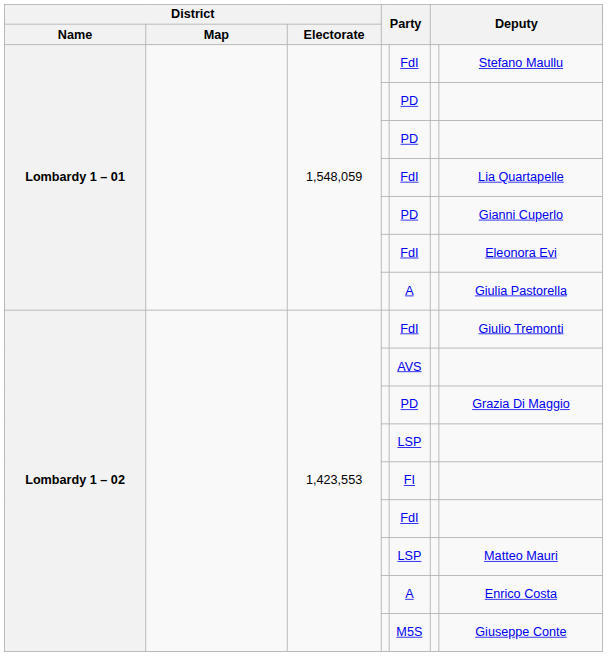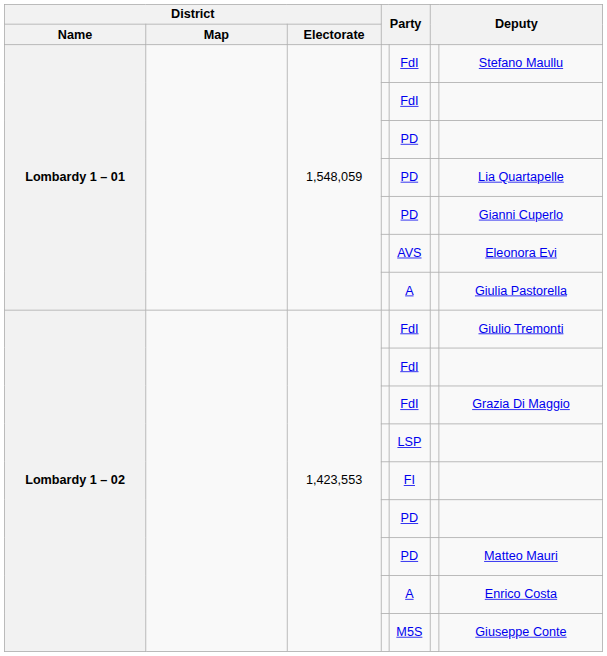 <table class="wikitable" style="text-align:center; style="width=60%">
 <tr>
 <th width=35% colspan="3">District</th>
 <th width=6% colspan="2" rowspan="2">Party</th>
 <th width=22% colspan="2" rowspan="2">Deputy</th>
 </tr>
 <tr>
 <th width=18%>Name</th>
 <th width=18%>Map</th>
 <th width=12%>Electorate</th>
 </tr>
 <tr style="height:3em;">
 <th rowspan="7">Lombardy 1 – 01</th>
 <td rowspan="7"></td>
 <td rowspan="7">1,548,059</td>
 <td style="background:"></td>
 <td><a href='#'>FdI</a></td>
 <td></td>
 <td><a href='#'>Stefano Maullu</a></td>
 </tr>
 <tr style="height:3em;">
 <td style="background:"></td>
-<td><a href='#'>PD</a></td>
+<td><a href='#'>FdI</a></td>
 <td></td>
 <td></td>
 </tr>
 <tr style="height:3em;">
 <td style="background:"></td>
 <td><a href='#'>PD</a></td>
 <td></td>
 <td></td>
 </tr>
 <tr style="height:3em;">
 <td style="background:"></td>
-<td><a href='#'>FdI</a></td>
+<td><a href='#'>PD</a></td>
 <td></td>
 <td><a href='#'>Lia Quartapelle</a></td>
 </tr>
 <tr style="height:3em;">
 <td style="background:"></td>
 <td><a href='#'>PD</a></td>
 <td></td>
 <td><a href='#'>Gianni Cuperlo</a></td>
 </tr>
 <tr style="height:3em;">
 <td style="background:"></td>
-<td><a href='#'>FdI</a></td>
+<td><a href='#'>AVS</a></td>
 <td></td>
 <td><a href='#'>Eleonora Evi</a></td>
 </tr>
 <tr style="height:3em;">
 <td style="background:"></td>
 <td><a href='#'>A</a></td>
 <td></td>
 <td><a href='#'>Giulia Pastorella</a></td>
 </tr>
 <tr style="height:3em;">
 <th rowspan="9">Lombardy 1 – 02</th>
 <td rowspan="9"></td>
 <td rowspan="9">1,423,553</td>
 <td style="background:"></td>
 <td><a href='#'>FdI</a></td>
 <td></td>
 <td><a href='#'>Giulio Tremonti</a></td>
 </tr>
 <tr style="height:3em;">
 <td style="background:"></td>
-<td><a href='#'>AVS</a></td>
+<td><a href='#'>FdI</a></td>
 <td></td>
 <td></td>
 </tr>
 <tr style="height:3em;">
 <td style="background:"></td>
-<td><a href='#'>PD</a></td>
+<td><a href='#'>FdI</a></td>
 <td></td>
 <td><a href='#'>Grazia Di Maggio</a></td>
 </tr>
 <tr style="height:3em;">
 <td style="background:"></td>
 <td><a href='#'>LSP</a></td>
 <td></td>
 <td></td>
 </tr>
 <tr style="height:3em;">
 <td style="background:"></td>
 <td><a href='#'>FI</a></td>
 <td></td>
 <td></td>
 </tr>
 <tr style="height:3em;">
 <td style="background:"></td>
-<td><a href='#'>FdI</a></td>
+<td><a href='#'>PD</a></td>
 <td></td>
 <td></td>
 </tr>
 <tr style="height:3em;">
 <td style="background:"></td>
-<td><a href='#'>LSP</a></td>
+<td><a href='#'>PD</a></td>
 <td></td>
 <td><a href='#'>Matteo Mauri</a></td>
 </tr>
 <tr style="height:3em;">
 <td style="background:"></td>
 <td><a href='#'>A</a></td>
 <td></td>
 <td><a href='#'>Enrico Costa</a></td>
 </tr>
 <tr style="height:3em;">
 <td style="background:"></td>
 <td><a href='#'>M5S</a></td>
 <td></td>
 <td><a href='#'>Giuseppe Conte</a></td>
 </tr>
 </table>
